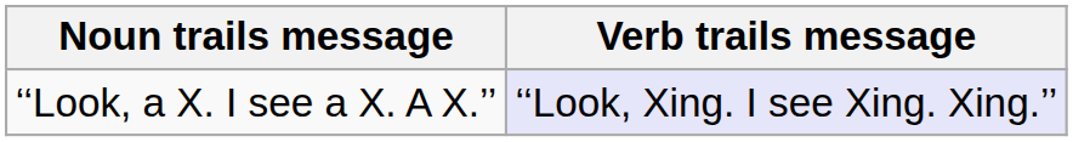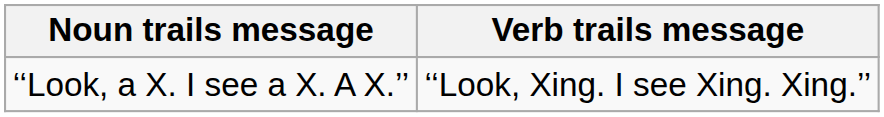 <table class="wikitable">
 <tr>
 <th>Noun trails message</th>
 <th>Verb trails message</th>
 </tr>
 <tr>
 <td>‘‘Look, a X. I see a X. A X.’’</td>
-<td style="background: lavender;">‘‘Look, Xing. I see Xing. Xing.’’</td>
+<td>‘‘Look, Xing. I see Xing. Xing.’’</td>
 </tr>
 </table>
